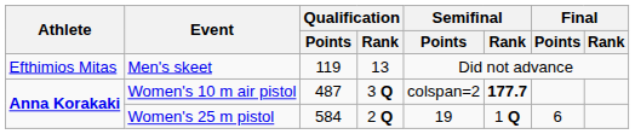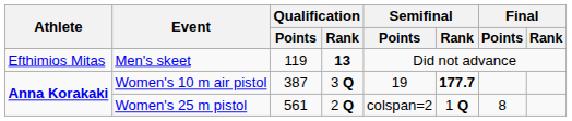 <table class="wikitable" style="font-size:90%">
 <tr>
 <th rowspan="2">Athlete</th>
 <th rowspan="2">Event</th>
 <th colspan=2>Qualification</th>
 <th colspan=2>Semifinal</th>
 <th colspan=2>Final</th>
 </tr>
 <tr style="font-size:95%">
 <th>Points</th>
 <th>Rank</th>
 <th>Points</th>
 <th>Rank</th>
 <th>Points</th>
 <th>Rank</th>
 </tr>
 <tr align=center>
 <td align=left><a href='#'>Efthimios Mitas</a></td>
 <td align=left><a href='#'>Men's skeet</a></td>
 <td>119</td>
-<td>13</td>
+<td><strong>13</strong></td>
 <td colspan=4>Did not advance</td>
 </tr>
 <tr align=center>
 <td align=left rowspan=2><strong><a href='#'>Anna Korakaki</a></strong></td>
 <td align=left><a href='#'>Women's 10 m air pistol</a></td>
-<td>487</td>
+<td>387</td>
 <td>3 <strong>Q</strong></td>
-<td>colspan=2 </td>
+<td>19</td>
 <td><strong>177.7</strong></td>
 <td></td>
 </tr>
 <tr align=center>
 <td align=left><a href='#'>Women's 25 m pistol</a></td>
-<td>584</td>
+<td>561</td>
 <td>2 <strong>Q</strong></td>
-<td>19</td>
+<td>colspan=2 </td>
 <td>1 <strong>Q</strong></td>
-<td>6</td>
+<td>8</td>
 <td></td>
 </tr>
 </table>
